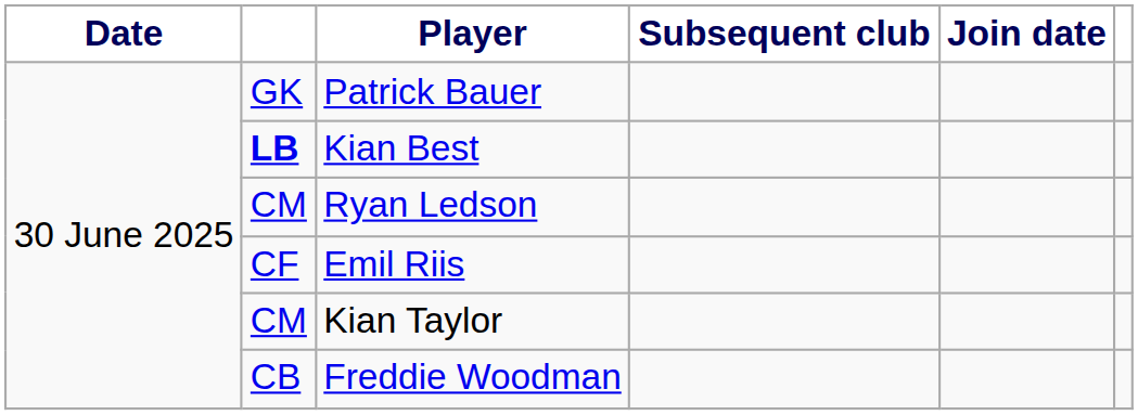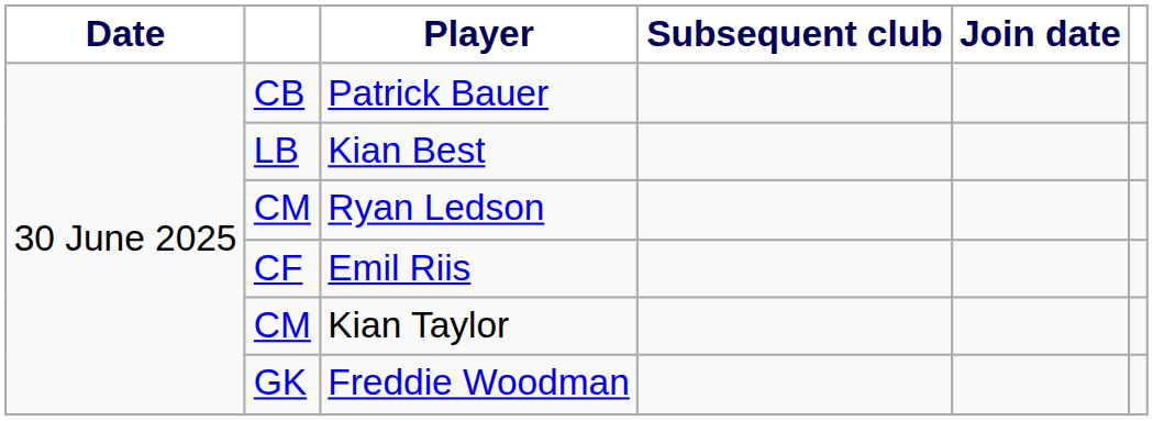 <table class="wikitable plainrowheaders sortable">
 <tr>
 <th style="background-color:#ffffff;color:#00005a; ">Date</th>
 <th style="background-color:#ffffff;color:#00005a; "></th>
 <th style="background-color:#ffffff;color:#00005a; ">Player</th>
 <th style="background-color:#ffffff;color:#00005a; ">Subsequent club</th>
 <th style="background-color:#ffffff;color:#00005a; ">Join date</th>
 <th style="background-color:#ffffff;color:#00005a; "></th>
 </tr>
 <tr>
 <td rowspan="6">30 June 2025</td>
-<td><a href='#'>GK</a></td>
+<td><a href='#'>CB</a></td>
 <td> <a href='#'>Patrick Bauer</a></td>
 <td></td>
 <td></td>
 <td></td>
 </tr>
 <tr>
-<td><strong><a href='#'>LB</a></strong></td>
+<td><a href='#'>LB</a></td>
 <td> <a href='#'>Kian Best</a></td>
 <td></td>
 <td></td>
 <td></td>
 </tr>
 <tr>
 <td><a href='#'>CM</a></td>
 <td> <a href='#'>Ryan Ledson</a></td>
 <td></td>
 <td></td>
 <td></td>
 </tr>
 <tr>
 <td><a href='#'>CF</a></td>
 <td> <a href='#'>Emil Riis</a></td>
 <td></td>
 <td></td>
 <td></td>
 </tr>
 <tr>
 <td><a href='#'>CM</a></td>
 <td> Kian Taylor</td>
 <td></td>
 <td></td>
 <td></td>
 </tr>
 <tr>
-<td><a href='#'>CB</a></td>
+<td><a href='#'>GK</a></td>
 <td> <a href='#'>Freddie Woodman</a></td>
 <td></td>
 <td></td>
 <td></td>
 </tr>
 </table>
